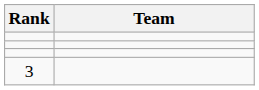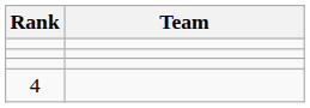 <table class="wikitable" style="text-align:center;">
 <tr>
 <th>Rank</th>
 <th width=175>Team</th>
 </tr>
 <tr>
 <td></td>
 <td align=left></td>
 </tr>
 <tr>
 <td></td>
 <td align=left></td>
 </tr>
 <tr>
 <td></td>
 <td align=left></td>
 </tr>
 <tr>
-<td>3</td>
+<td>4</td>
 <td align=left></td>
 </tr>
 </table>
